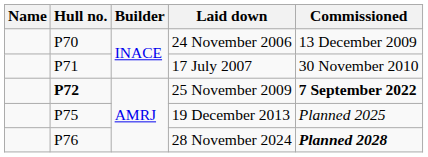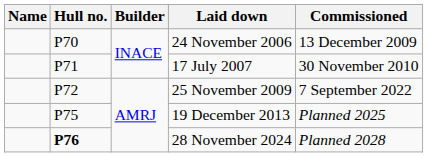 <table class="wikitable">
 <tr>
 <th>Name</th>
 <th>Hull no.</th>
 <th>Builder</th>
 <th>Laid down</th>
 <th>Commissioned</th>
 </tr>
 <tr>
 <td></td>
 <td>P70</td>
 <td rowspan="2"><a href='#'>INACE</a></td>
 <td>24 November 2006</td>
 <td>13 December 2009</td>
 </tr>
 <tr>
 <td></td>
 <td>P71</td>
 <td>17 July 2007</td>
 <td>30 November 2010</td>
 </tr>
 <tr>
 <td></td>
-<td><strong>P72</strong></td>
+<td>P72</td>
 <td rowspan="3"><a href='#'>AMRJ</a></td>
 <td>25 November 2009</td>
-<td><strong>7 September 2022</strong></td>
+<td>7 September 2022</td>
 </tr>
 <tr>
 <td></td>
 <td>P75</td>
 <td>19 December 2013</td>
 <td><em>Planned 2025</em></td>
 </tr>
 <tr>
 <td></td>
-<td>P76</td>
+<td><strong>P76</strong></td>
 <td>28 November 2024</td>
-<td><strong><em>Planned 2028</em></strong></td>
+<td><em>Planned 2028</em></td>
 </tr>
 </table>
